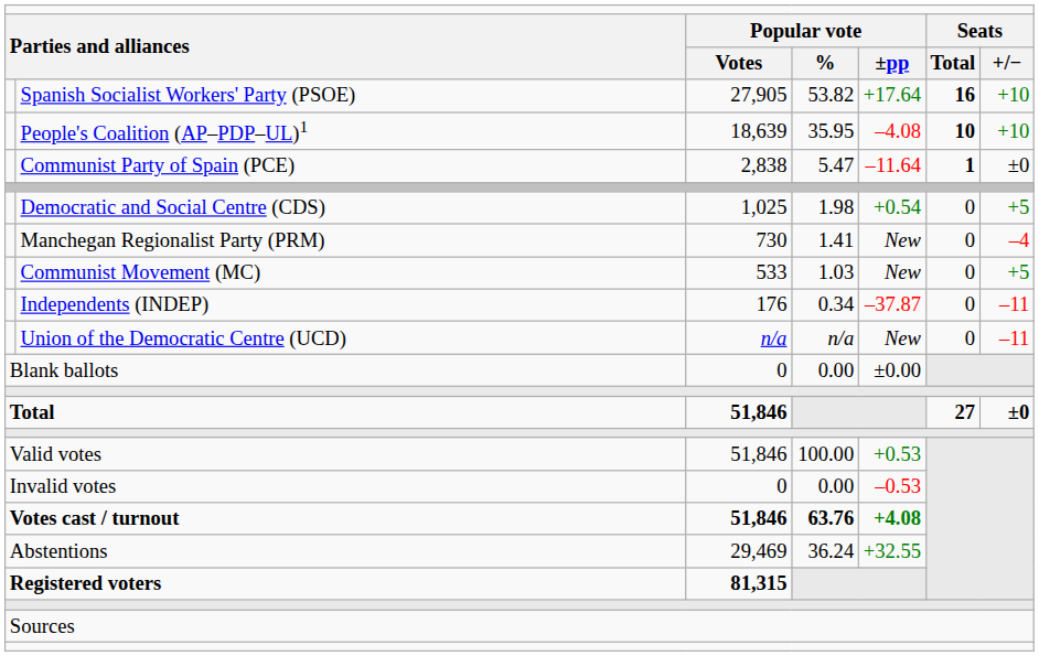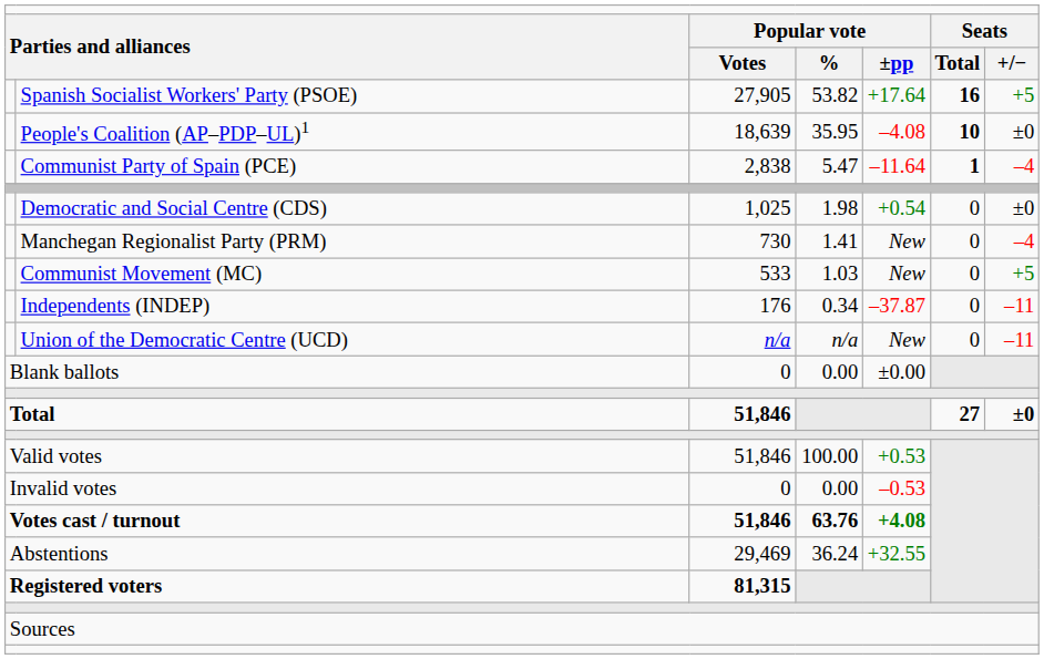 <table class="wikitable" style="text-align:right;">
 <tr>
 <td colspan="7"></td>
 </tr>
 <tr>
 <th style="text-align:left;" rowspan="2" colspan="2" width="525">Parties and alliances</th>
 <th colspan="3">Popular vote</th>
 <th colspan="2">Seats</th>
 </tr>
 <tr>
 <th width="75">Votes</th>
 <th width="45">%</th>
 <th width="45">±<a href='#'>pp</a></th>
 <th width="35">Total</th>
 <th width="35">+/−</th>
 </tr>
 <tr>
 <td width="1" style="color:inherit;background:"></td>
 <td align="left"><a href='#'>Spanish Socialist Workers' Party</a> (PSOE)</td>
 <td>27,905</td>
 <td>53.82</td>
 <td style="color:green;">+17.64</td>
 <td><strong>16</strong></td>
-<td style="color:green;">+10</td>
+<td style="color:green;">+5</td>
 </tr>
 <tr>
 <td style="color:inherit;background:"></td>
 <td align="left"><a href='#'>People's Coalition</a> (<a href='#'>AP</a>–<a href='#'>PDP</a>–<a href='#'>UL</a>)<sup>1</sup></td>
 <td>18,639</td>
 <td>35.95</td>
 <td style="color:red;">–4.08</td>
 <td><strong>10</strong></td>
-<td style="color:green;">+10</td>
+<td>±0</td>
 </tr>
 <tr>
 <td style="color:inherit;background:"></td>
 <td align="left"><a href='#'>Communist Party of Spain</a> (PCE)</td>
 <td>2,838</td>
 <td>5.47</td>
 <td style="color:red;">–11.64</td>
 <td><strong>1</strong></td>
-<td>±0</td>
+<td style="color:red;">–4</td>
 </tr>
 <tr>
 <td colspan="7" bgcolor="#C0C0C0"></td>
 </tr>
 <tr>
 <td style="color:inherit;background:"></td>
 <td align="left"><a href='#'>Democratic and Social Centre</a> (CDS)</td>
 <td>1,025</td>
 <td>1.98</td>
 <td style="color:green;">+0.54</td>
 <td>0</td>
-<td style="color:green;">+5</td>
+<td>±0</td>
 </tr>
 <tr>
 <td style="color:inherit;background:"></td>
 <td align="left">Manchegan Regionalist Party (PRM)</td>
 <td>730</td>
 <td>1.41</td>
 <td><em>New</em></td>
 <td>0</td>
 <td style="color:red;">–4</td>
 </tr>
 <tr>
 <td style="color:inherit;background:"></td>
 <td align="left"><a href='#'>Communist Movement</a> (MC)</td>
 <td>533</td>
 <td>1.03</td>
 <td><em>New</em></td>
 <td>0</td>
 <td style="color:green;">+5</td>
 </tr>
 <tr>
 <td style="color:inherit;background:"></td>
 <td align="left"><a href='#'>Independents</a> (INDEP)</td>
 <td>176</td>
 <td>0.34</td>
 <td style="color:red;">–37.87</td>
 <td>0</td>
 <td style="color:red;">–11</td>
 </tr>
 <tr>
 <td style="color:inherit;background:"></td>
 <td align="left"><a href='#'>Union of the Democratic Centre</a> (UCD)</td>
 <td><em><a href='#'>n/a</a></em></td>
 <td><em>n/a</em></td>
 <td><em>New</em></td>
 <td>0</td>
 <td style="color:red;">–11</td>
 </tr>
 <tr>
 <td align="left" colspan="2">Blank ballots</td>
 <td>0</td>
 <td>0.00</td>
 <td>±0.00</td>
 <td bgcolor="#E9E9E9" colspan="2"></td>
 </tr>
 <tr>
 <td colspan="7" bgcolor="#E9E9E9"></td>
 </tr>
 <tr style="font-weight:bold;">
 <td align="left" colspan="2">Total</td>
 <td>51,846</td>
 <td bgcolor="#E9E9E9" colspan="2"></td>
 <td>27</td>
 <td>±0</td>
 </tr>
 <tr>
 <td colspan="7" bgcolor="#E9E9E9"></td>
 </tr>
 <tr>
 <td align="left" colspan="2">Valid votes</td>
 <td>51,846</td>
 <td>100.00</td>
 <td style="color:green;">+0.53</td>
 <td bgcolor="#E9E9E9" colspan="2" rowspan="5"></td>
 </tr>
 <tr>
 <td align="left" colspan="2">Invalid votes</td>
 <td>0</td>
 <td>0.00</td>
 <td style="color:red;">–0.53</td>
 </tr>
 <tr style="font-weight:bold;">
 <td align="left" colspan="2">Votes cast / turnout</td>
 <td>51,846</td>
 <td>63.76</td>
 <td style="color:green;">+4.08</td>
 </tr>
 <tr>
 <td align="left" colspan="2">Abstentions</td>
 <td>29,469</td>
 <td>36.24</td>
 <td style="color:green;">+32.55</td>
 </tr>
 <tr style="font-weight:bold;">
 <td align="left" colspan="2">Registered voters</td>
 <td>81,315</td>
 <td bgcolor="#E9E9E9" colspan="2"></td>
 </tr>
 <tr>
 <td colspan="7" bgcolor="#E9E9E9"></td>
 </tr>
 <tr>
 <td align="left" colspan="7">Sources</td>
 </tr>
 <tr>
 <td colspan="7" style="text-align:left; max-width:790px;"></td>
 </tr>
 </table>
